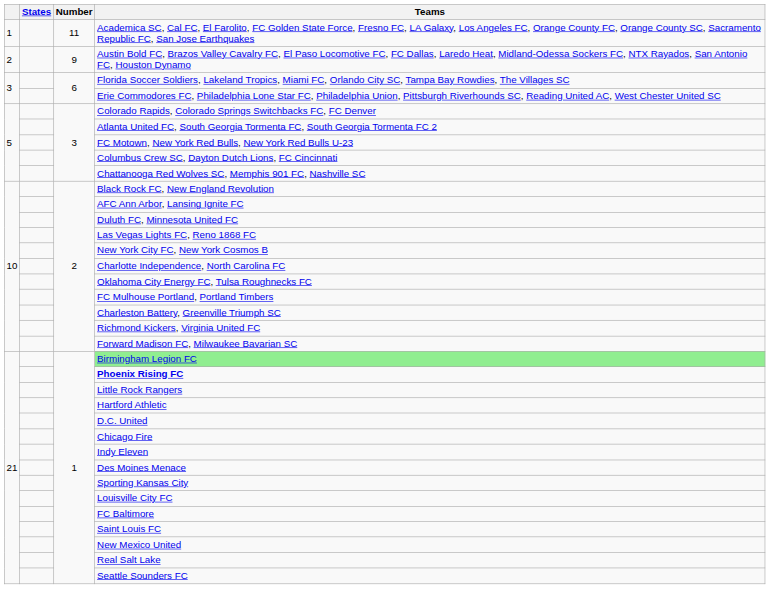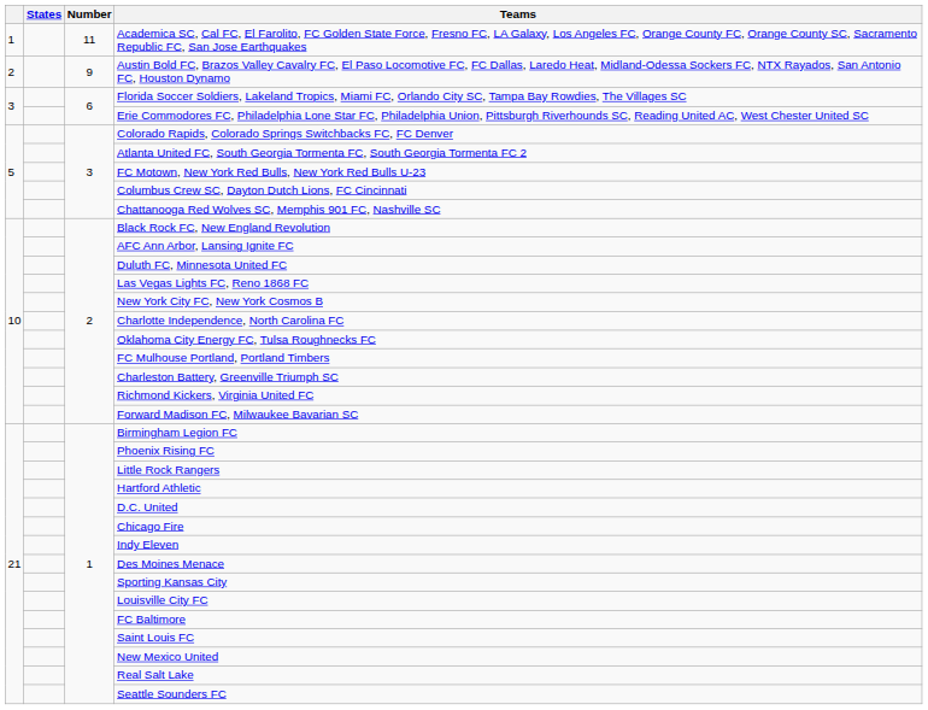 <table class="wikitable">
 <tr>
 <th></th>
 <th><a href='#'>States</a></th>
 <th>Number</th>
 <th>Teams</th>
 </tr>
 <tr>
 <td>1</td>
 <td></td>
 <td align=center>11</td>
 <td><a href='#'>Academica SC</a>, <a href='#'>Cal FC</a>, <a href='#'>El Farolito</a>, <a href='#'>FC Golden State Force</a>, <a href='#'>Fresno FC</a>, <a href='#'>LA Galaxy</a>, <a href='#'>Los Angeles FC</a>, <a href='#'>Orange County FC</a>, <a href='#'>Orange County SC</a>, <a href='#'>Sacramento Republic FC</a>, <a href='#'>San Jose Earthquakes</a></td>
 </tr>
 <tr>
 <td>2</td>
 <td></td>
 <td align=center>9</td>
 <td><a href='#'>Austin Bold FC</a>, <a href='#'>Brazos Valley Cavalry FC</a>, <a href='#'>El Paso Locomotive FC</a>, <a href='#'>FC Dallas</a>, <a href='#'>Laredo Heat</a>, <a href='#'>Midland-Odessa Sockers FC</a>, <a href='#'>NTX Rayados</a>, <a href='#'>San Antonio FC</a>, <a href='#'>Houston Dynamo</a></td>
 </tr>
 <tr>
 <td rowspan="2">3</td>
 <td></td>
 <td rowspan="2" align=center>6</td>
 <td><a href='#'>Florida Soccer Soldiers</a>, <a href='#'>Lakeland Tropics</a>, <a href='#'>Miami FC</a>, <a href='#'>Orlando City SC</a>, <a href='#'>Tampa Bay Rowdies</a>, <a href='#'>The Villages SC</a></td>
 </tr>
 <tr>
 <td></td>
 <td><a href='#'>Erie Commodores FC</a>, <a href='#'>Philadelphia Lone Star FC</a>, <a href='#'>Philadelphia Union</a>, <a href='#'>Pittsburgh Riverhounds SC</a>, <a href='#'>Reading United AC</a>, <a href='#'>West Chester United SC</a></td>
 </tr>
 <tr>
 <td rowspan="5">5</td>
 <td></td>
 <td rowspan="5" align="center">3</td>
 <td><a href='#'>Colorado Rapids</a>, <a href='#'>Colorado Springs Switchbacks FC</a>, <a href='#'>FC Denver</a></td>
 </tr>
 <tr>
 <td></td>
 <td><a href='#'>Atlanta United FC</a>, <a href='#'>South Georgia Tormenta FC</a>, <a href='#'>South Georgia Tormenta FC 2</a></td>
 </tr>
 <tr>
 <td></td>
 <td><a href='#'>FC Motown</a>, <a href='#'>New York Red Bulls</a>, <a href='#'>New York Red Bulls U-23</a></td>
 </tr>
 <tr>
 <td></td>
 <td><a href='#'>Columbus Crew SC</a>, <a href='#'>Dayton Dutch Lions</a>, <a href='#'>FC Cincinnati</a></td>
 </tr>
 <tr>
 <td></td>
 <td><a href='#'>Chattanooga Red Wolves SC</a>, <a href='#'>Memphis 901 FC</a>, <a href='#'>Nashville SC</a></td>
 </tr>
 <tr>
 <td rowspan="11">10</td>
 <td></td>
 <td rowspan="11" align="center">2</td>
 <td><a href='#'>Black Rock FC</a>, <a href='#'>New England Revolution</a></td>
 </tr>
 <tr>
 <td></td>
 <td><a href='#'>AFC Ann Arbor</a>, <a href='#'>Lansing Ignite FC</a></td>
 </tr>
 <tr>
 <td></td>
 <td><a href='#'>Duluth FC</a>, <a href='#'>Minnesota United FC</a></td>
 </tr>
 <tr>
 <td></td>
 <td><a href='#'>Las Vegas Lights FC</a>, <a href='#'>Reno 1868 FC</a></td>
 </tr>
 <tr>
 <td></td>
 <td><a href='#'>New York City FC</a>, <a href='#'>New York Cosmos B</a></td>
 </tr>
 <tr>
 <td></td>
 <td><a href='#'>Charlotte Independence</a>, <a href='#'>North Carolina FC</a></td>
 </tr>
 <tr>
 <td></td>
 <td><a href='#'>Oklahoma City Energy FC</a>, <a href='#'>Tulsa Roughnecks FC</a></td>
 </tr>
 <tr>
 <td></td>
 <td><a href='#'>FC Mulhouse Portland</a>, <a href='#'>Portland Timbers</a></td>
 </tr>
 <tr>
 <td></td>
 <td><a href='#'>Charleston Battery</a>, <a href='#'>Greenville Triumph SC</a></td>
 </tr>
 <tr>
 <td></td>
 <td><a href='#'>Richmond Kickers</a>, <a href='#'>Virginia United FC</a></td>
 </tr>
 <tr>
 <td></td>
 <td><a href='#'>Forward Madison FC</a>, <a href='#'>Milwaukee Bavarian SC</a></td>
 </tr>
 <tr>
 <td rowspan="15">21</td>
 <td></td>
 <td rowspan="15" align="center">1</td>
-<td style="background: lightgreen;"><a href='#'>Birmingham Legion FC</a></td>
+<td><a href='#'>Birmingham Legion FC</a></td>
 </tr>
 <tr>
 <td></td>
-<td><strong><a href='#'>Phoenix Rising FC</a></strong></td>
+<td><a href='#'>Phoenix Rising FC</a></td>
 </tr>
 <tr>
 <td></td>
 <td><a href='#'>Little Rock Rangers</a></td>
 </tr>
 <tr>
 <td></td>
 <td><a href='#'>Hartford Athletic</a></td>
 </tr>
 <tr>
 <td></td>
 <td><a href='#'>D.C. United</a></td>
 </tr>
 <tr>
 <td></td>
 <td><a href='#'>Chicago Fire</a></td>
 </tr>
 <tr>
 <td></td>
 <td><a href='#'>Indy Eleven</a></td>
 </tr>
 <tr>
 <td></td>
 <td><a href='#'>Des Moines Menace</a></td>
 </tr>
 <tr>
 <td></td>
 <td><a href='#'>Sporting Kansas City</a></td>
 </tr>
 <tr>
 <td></td>
 <td><a href='#'>Louisville City FC</a></td>
 </tr>
 <tr>
 <td></td>
 <td><a href='#'>FC Baltimore</a></td>
 </tr>
 <tr>
 <td></td>
 <td><a href='#'>Saint Louis FC</a></td>
 </tr>
 <tr>
 <td></td>
 <td><a href='#'>New Mexico United</a></td>
 </tr>
 <tr>
 <td></td>
 <td><a href='#'>Real Salt Lake</a></td>
 </tr>
 <tr>
 <td></td>
 <td><a href='#'>Seattle Sounders FC</a></td>
 </tr>
 </table>
